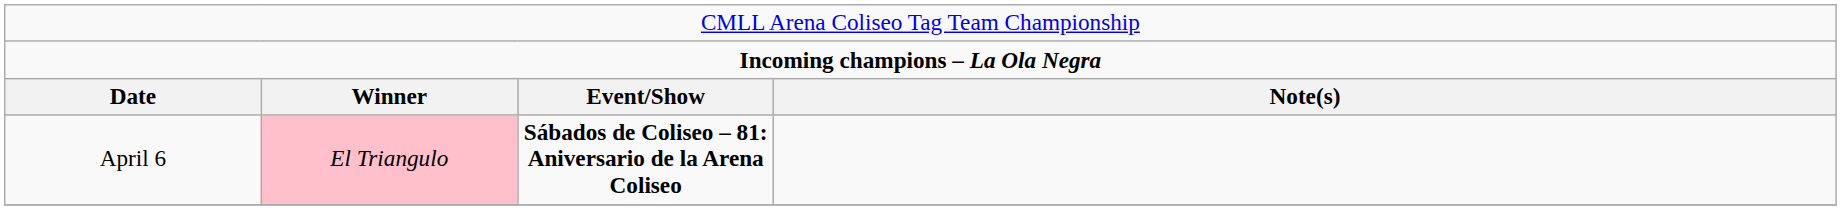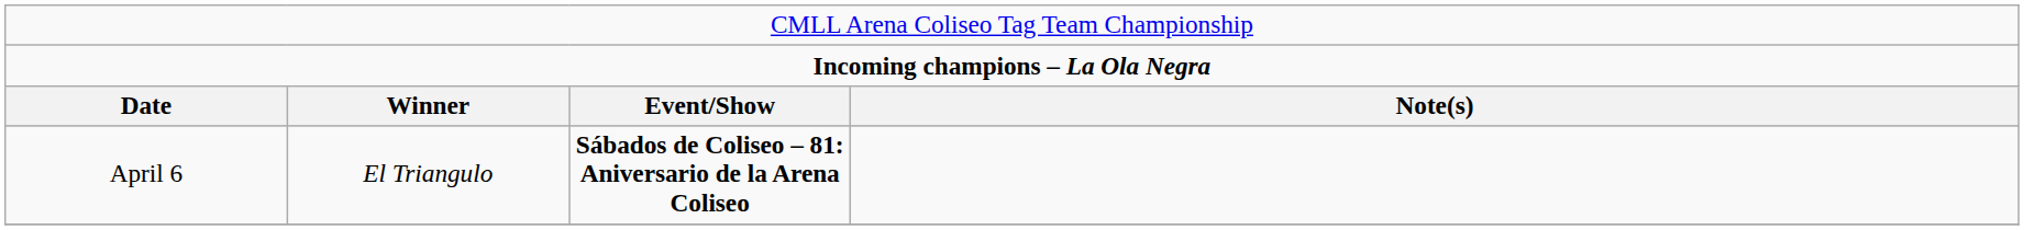 <table class="wikitable" style="text-align:center; width:100%;">
 <tr>
 <td colspan="4" style="text-align: center;"><a href='#'>CMLL Arena Coliseo Tag Team Championship</a></td>
 </tr>
 <tr>
 <td colspan="4" style="text-align: center;"><strong>Incoming champions – <em>La Ola Negra</em> </strong></td>
 </tr>
 <tr>
 <th width=14%>Date</th>
 <th width=14%>Winner</th>
 <th width=14%>Event/Show</th>
 <th width=58%>Note(s)</th>
 </tr>
 <tr>
 <td>April 6</td>
-<td style="background: pink;"><em>El Triangulo</em><br></td>
+<td><em>El Triangulo</em><br></td>
 <td><strong>Sábados de Coliseo – 81: Aniversario de la Arena Coliseo</strong></td>
 <td></td>
 </tr>
 <tr>
 </tr>
 </table>
